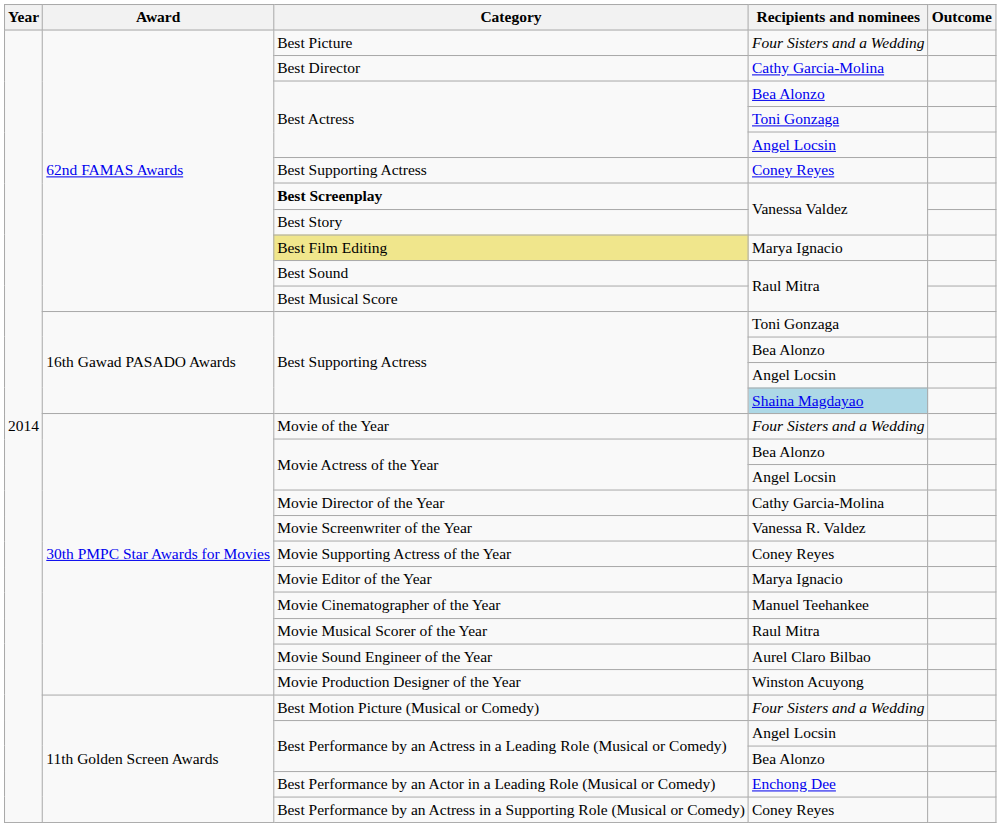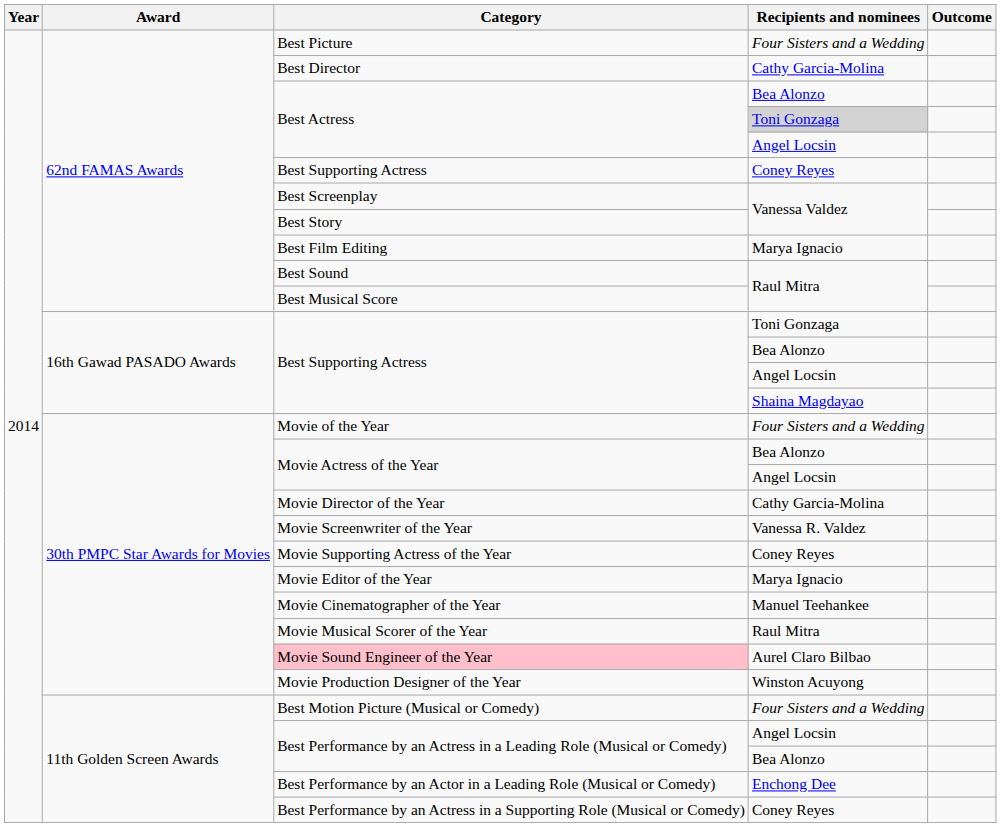 <table class="wikitable" style="font-size: 95%;">
 <tr>
 <th>Year</th>
 <th>Award</th>
 <th>Category</th>
 <th>Recipients and nominees</th>
 <th>Outcome</th>
 </tr>
 <tr>
 <td rowspan="31">2014</td>
 <td rowspan="11"><a href='#'>62nd FAMAS Awards</a></td>
 <td>Best Picture</td>
 <td><em>Four Sisters and a Wedding</em></td>
 <td></td>
 </tr>
 <tr>
 <td>Best Director</td>
 <td><a href='#'>Cathy Garcia-Molina</a></td>
 <td></td>
 </tr>
 <tr>
 <td rowspan="3">Best Actress</td>
 <td><a href='#'>Bea Alonzo</a></td>
 <td></td>
 </tr>
 <tr>
-<td><a href='#'>Toni Gonzaga</a></td>
+<td style="background: lightgrey;"><a href='#'>Toni Gonzaga</a></td>
 <td></td>
 </tr>
 <tr>
 <td><a href='#'>Angel Locsin</a></td>
 <td></td>
 </tr>
 <tr>
 <td>Best Supporting Actress</td>
 <td><a href='#'>Coney Reyes</a></td>
 <td></td>
 </tr>
 <tr>
-<td><strong>Best Screenplay</strong></td>
+<td>Best Screenplay</td>
 <td rowspan="2">Vanessa Valdez</td>
 <td></td>
 </tr>
 <tr>
 <td>Best Story</td>
 <td></td>
 </tr>
 <tr>
-<td style="background: khaki;">Best Film Editing</td>
+<td>Best Film Editing</td>
 <td>Marya Ignacio</td>
 <td></td>
 </tr>
 <tr>
 <td>Best Sound</td>
 <td rowspan="2">Raul Mitra</td>
 <td></td>
 </tr>
 <tr>
 <td>Best Musical Score</td>
 <td></td>
 </tr>
 <tr>
 <td rowspan="4">16th Gawad PASADO Awards</td>
 <td rowspan="4">Best Supporting Actress</td>
 <td>Toni Gonzaga</td>
 <td></td>
 </tr>
 <tr>
 <td>Bea Alonzo</td>
 <td></td>
 </tr>
 <tr>
 <td>Angel Locsin</td>
 <td></td>
 </tr>
 <tr>
-<td style="background: lightblue;"><a href='#'>Shaina Magdayao</a></td>
+<td><a href='#'>Shaina Magdayao</a></td>
 <td></td>
 </tr>
 <tr>
 <td rowspan="11"><a href='#'>30th PMPC Star Awards for Movies</a></td>
 <td>Movie of the Year</td>
 <td><em>Four Sisters and a Wedding</em></td>
 <td></td>
 </tr>
 <tr>
 <td rowspan="2">Movie Actress of the Year</td>
 <td>Bea Alonzo</td>
 <td></td>
 </tr>
 <tr>
 <td>Angel Locsin</td>
 <td></td>
 </tr>
 <tr>
 <td>Movie Director of the Year</td>
 <td>Cathy Garcia-Molina</td>
 <td></td>
 </tr>
 <tr>
 <td>Movie Screenwriter of the Year</td>
 <td>Vanessa R. Valdez</td>
 <td></td>
 </tr>
 <tr>
 <td>Movie Supporting Actress of the Year</td>
 <td>Coney Reyes</td>
 <td></td>
 </tr>
 <tr>
 <td>Movie Editor of the Year</td>
 <td>Marya Ignacio</td>
 <td></td>
 </tr>
 <tr>
 <td>Movie Cinematographer of the Year</td>
 <td>Manuel Teehankee</td>
 <td></td>
 </tr>
 <tr>
 <td>Movie Musical Scorer of the Year</td>
 <td>Raul Mitra</td>
 <td></td>
 </tr>
 <tr>
-<td>Movie Sound Engineer of the Year</td>
+<td style="background: pink;">Movie Sound Engineer of the Year</td>
 <td>Aurel Claro Bilbao</td>
 <td></td>
 </tr>
 <tr>
 <td>Movie Production Designer of the Year</td>
 <td>Winston Acuyong</td>
 <td></td>
 </tr>
 <tr>
 <td rowspan="5">11th Golden Screen Awards</td>
 <td>Best Motion Picture (Musical or Comedy)</td>
 <td><em>Four Sisters and a Wedding</em></td>
 <td></td>
 </tr>
 <tr>
 <td rowspan="2">Best Performance by an Actress in a Leading Role (Musical or Comedy)</td>
 <td>Angel Locsin</td>
 <td></td>
 </tr>
 <tr>
 <td>Bea Alonzo</td>
 <td></td>
 </tr>
 <tr>
 <td>Best Performance by an Actor in a Leading Role (Musical or Comedy)</td>
 <td><a href='#'>Enchong Dee</a></td>
 <td></td>
 </tr>
 <tr>
 <td>Best Performance by an Actress in a Supporting Role (Musical or Comedy)</td>
 <td>Coney Reyes</td>
 <td></td>
 </tr>
 </table>
